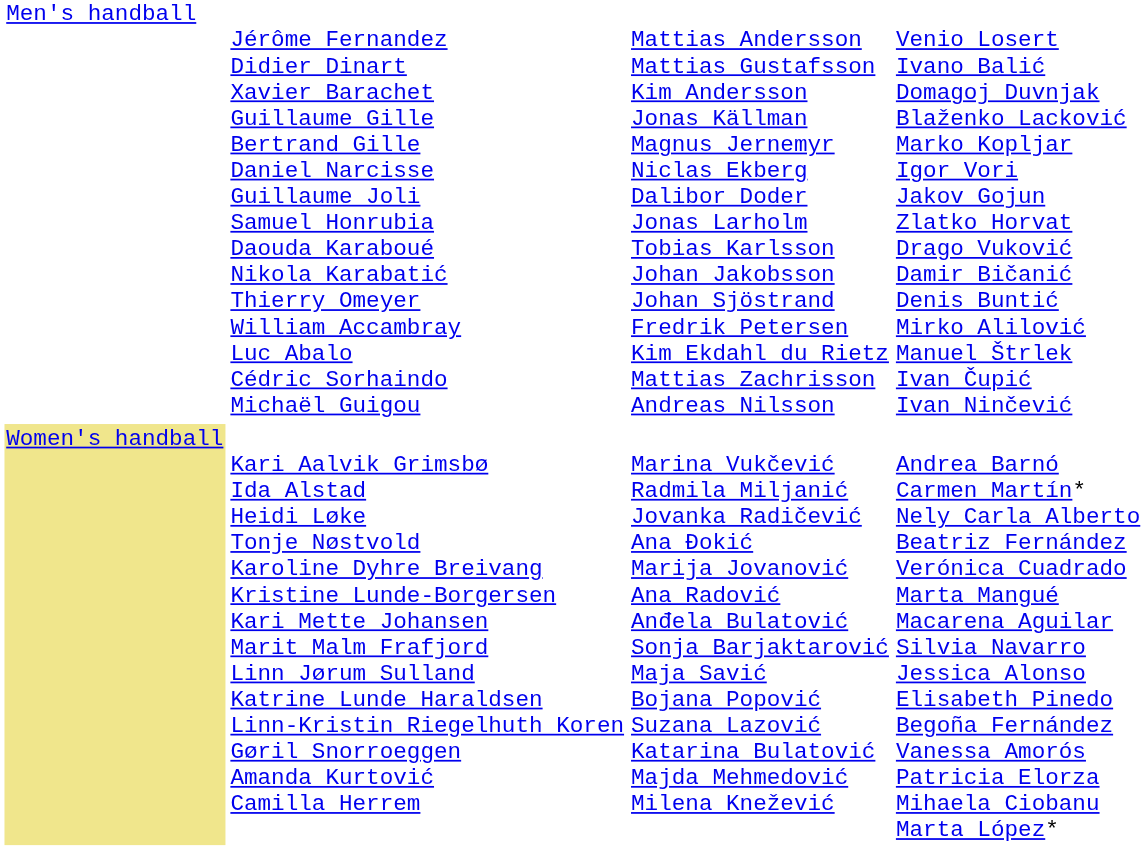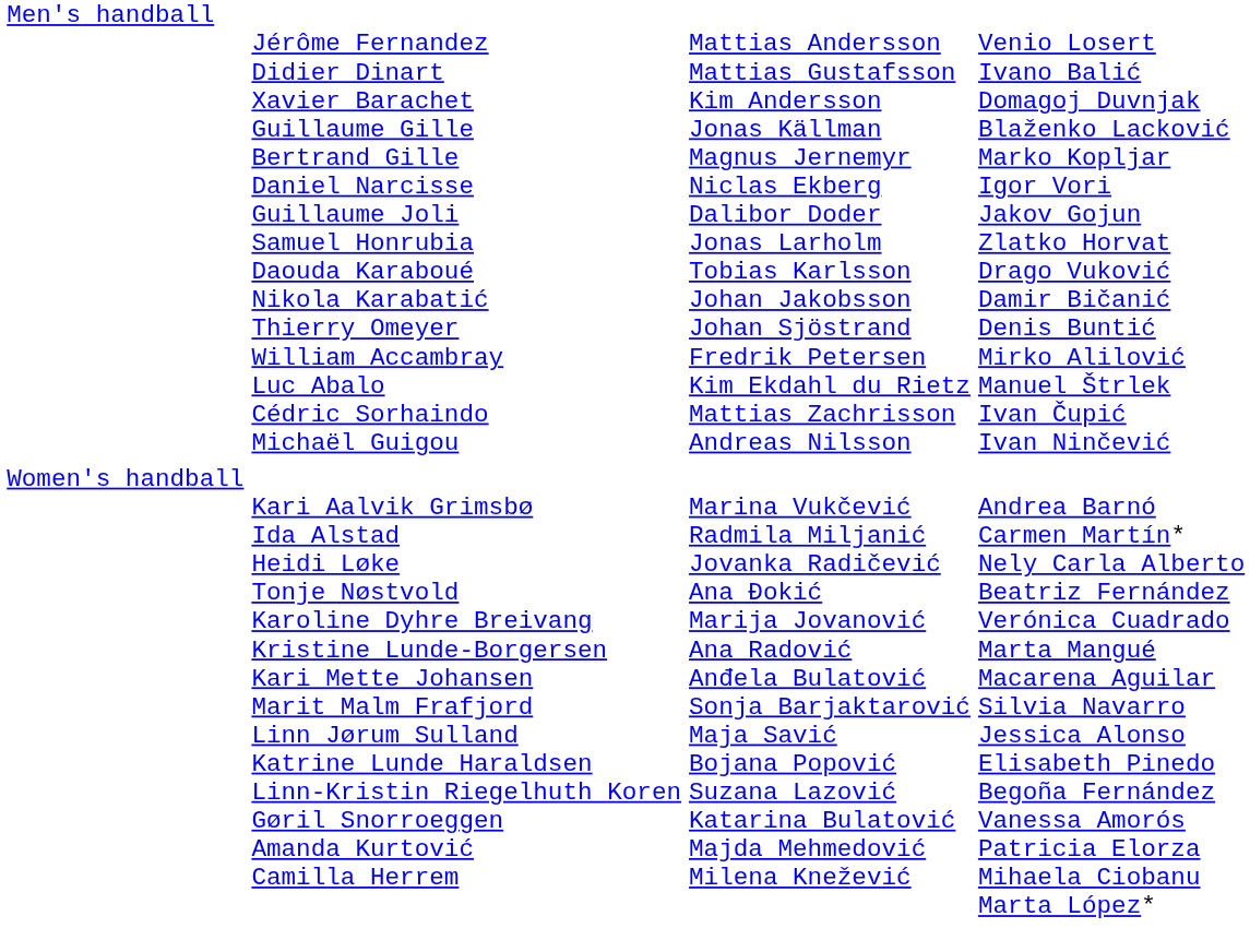 <table>
 <tr valign="top">
 <td><a href='#'>Men's handball</a></td>
 <td><br><a href='#'>Jérôme Fernandez</a><br><a href='#'>Didier Dinart</a><br><a href='#'>Xavier Barachet</a><br><a href='#'>Guillaume Gille</a><br><a href='#'>Bertrand Gille</a><br><a href='#'>Daniel Narcisse</a><br><a href='#'>Guillaume Joli</a><br><a href='#'>Samuel Honrubia</a><br><a href='#'>Daouda Karaboué</a><br><a href='#'>Nikola Karabatić</a><br><a href='#'>Thierry Omeyer</a><br><a href='#'>William Accambray</a><br><a href='#'>Luc Abalo</a><br><a href='#'>Cédric Sorhaindo</a><br><a href='#'>Michaël Guigou</a></td>
 <td><br><a href='#'>Mattias Andersson</a><br><a href='#'>Mattias Gustafsson</a><br><a href='#'>Kim Andersson</a><br><a href='#'>Jonas Källman</a><br><a href='#'>Magnus Jernemyr</a><br><a href='#'>Niclas Ekberg</a><br><a href='#'>Dalibor Doder</a><br><a href='#'>Jonas Larholm</a><br><a href='#'>Tobias Karlsson</a><br><a href='#'>Johan Jakobsson</a><br><a href='#'>Johan Sjöstrand</a><br><a href='#'>Fredrik Petersen</a><br><a href='#'>Kim Ekdahl du Rietz</a><br><a href='#'>Mattias Zachrisson</a><br><a href='#'>Andreas Nilsson</a></td>
 <td><br><a href='#'>Venio Losert</a><br><a href='#'>Ivano Balić</a><br><a href='#'>Domagoj Duvnjak</a><br><a href='#'>Blaženko Lacković</a><br><a href='#'>Marko Kopljar</a><br><a href='#'>Igor Vori</a><br><a href='#'>Jakov Gojun</a><br><a href='#'>Zlatko Horvat</a><br><a href='#'>Drago Vuković</a><br><a href='#'>Damir Bičanić</a><br><a href='#'>Denis Buntić</a><br><a href='#'>Mirko Alilović</a><br><a href='#'>Manuel Štrlek</a><br><a href='#'>Ivan Čupić</a><br><a href='#'>Ivan Ninčević</a></td>
 </tr>
 <tr valign="top">
-<td style="background: khaki;"><a href='#'>Women's handball</a></td>
+<td><a href='#'>Women's handball</a></td>
 <td><br><a href='#'>Kari Aalvik Grimsbø</a><br><a href='#'>Ida Alstad</a><br><a href='#'>Heidi Løke</a><br><a href='#'>Tonje Nøstvold</a><br><a href='#'>Karoline Dyhre Breivang</a><br><a href='#'>Kristine Lunde-Borgersen</a><br><a href='#'>Kari Mette Johansen</a><br><a href='#'>Marit Malm Frafjord</a><br><a href='#'>Linn Jørum Sulland</a><br><a href='#'>Katrine Lunde Haraldsen</a><br><a href='#'>Linn-Kristin Riegelhuth Koren</a><br><a href='#'>Gøril Snorroeggen</a><br><a href='#'>Amanda Kurtović</a><br><a href='#'>Camilla Herrem</a></td>
 <td><br><a href='#'>Marina Vukčević</a><br><a href='#'>Radmila Miljanić</a><br><a href='#'>Jovanka Radičević</a><br><a href='#'>Ana Đokić</a><br><a href='#'>Marija Jovanović</a><br><a href='#'>Ana Radović</a><br><a href='#'>Anđela Bulatović</a><br><a href='#'>Sonja Barjaktarović</a><br><a href='#'>Maja Savić</a><br><a href='#'>Bojana Popović</a><br><a href='#'>Suzana Lazović</a><br><a href='#'>Katarina Bulatović</a><br><a href='#'>Majda Mehmedović</a><br><a href='#'>Milena Knežević</a></td>
 <td><br><a href='#'>Andrea Barnó</a><br><a href='#'>Carmen Martín</a>*<br><a href='#'>Nely Carla Alberto</a><br><a href='#'>Beatriz Fernández</a><br><a href='#'>Verónica Cuadrado</a><br><a href='#'>Marta Mangué</a><br><a href='#'>Macarena Aguilar</a><br><a href='#'>Silvia Navarro</a><br><a href='#'>Jessica Alonso</a><br><a href='#'>Elisabeth Pinedo</a><br><a href='#'>Begoña Fernández</a><br><a href='#'>Vanessa Amorós</a><br><a href='#'>Patricia Elorza</a><br><a href='#'>Mihaela Ciobanu</a><br><a href='#'>Marta López</a>*</td>
 </tr>
 </table>
